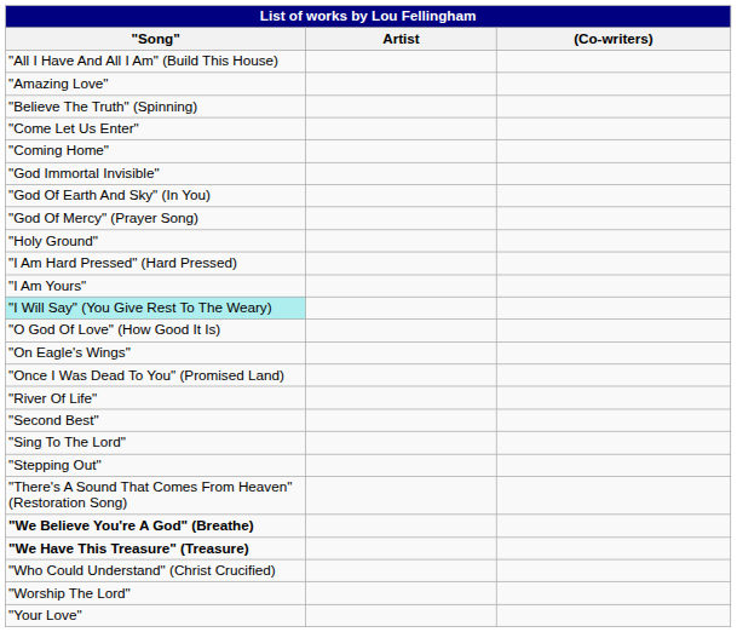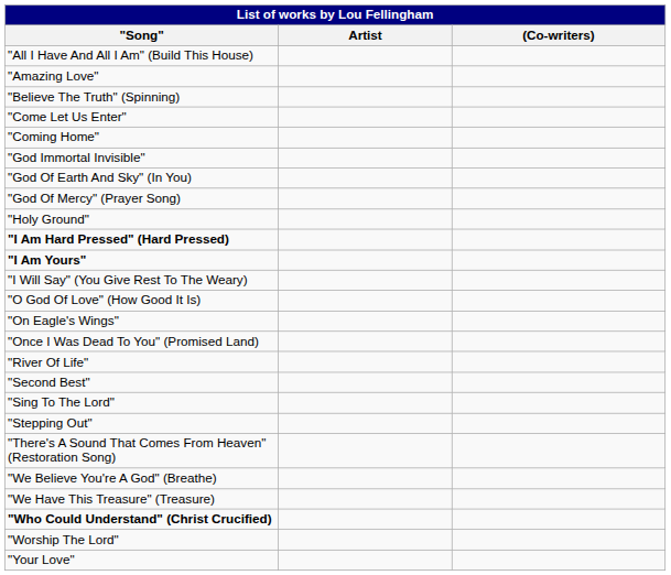 <table class="wikitable">
 <tr>
 <th colspan=3 style="background:navy; color: white">List of works by Lou Fellingham</th>
 </tr>
 <tr style="background:#ccc; text-align:center;">
 <th style="width:333px;">"Song"</th>
 <th style="width:208px;">Artist</th>
 <th style="width:258px;">(Co-writers)</th>
 </tr>
 <tr>
 <td>"All I Have And All I Am" (Build This House)</td>
 <td></td>
 <td></td>
 </tr>
 <tr>
 <td>"Amazing Love"</td>
 <td></td>
 <td></td>
 </tr>
 <tr>
 <td>"Believe The Truth" (Spinning)</td>
 <td></td>
 <td></td>
 </tr>
 <tr>
 <td>"Come Let Us Enter"</td>
 <td></td>
 <td></td>
 </tr>
 <tr>
 <td>"Coming Home"</td>
 <td></td>
 <td></td>
 </tr>
 <tr>
 <td>"God Immortal Invisible"</td>
 <td></td>
 <td></td>
 </tr>
 <tr>
 <td>"God Of Earth And Sky" (In You)</td>
 <td></td>
 <td></td>
 </tr>
 <tr>
 <td>"God Of Mercy" (Prayer Song)</td>
 <td></td>
 <td></td>
 </tr>
 <tr>
 <td>"Holy Ground"</td>
 <td></td>
 <td></td>
 </tr>
 <tr>
-<td>"I Am Hard Pressed" (Hard Pressed)</td>
+<td><strong>"I Am Hard Pressed" (Hard Pressed)</strong></td>
 <td></td>
 <td></td>
 </tr>
 <tr>
-<td>"I Am Yours"</td>
+<td><strong>"I Am Yours"</strong></td>
 <td></td>
 <td></td>
 </tr>
 <tr>
-<td style="background: paleturquoise;">"I Will Say" (You Give Rest To The Weary)</td>
+<td>"I Will Say" (You Give Rest To The Weary)</td>
 <td></td>
 <td></td>
 </tr>
 <tr>
 <td>"O God Of Love" (How Good It Is)</td>
 <td></td>
 <td></td>
 </tr>
 <tr>
 <td>"On Eagle's Wings"</td>
 <td></td>
 <td></td>
 </tr>
 <tr>
 <td>"Once I Was Dead To You" (Promised Land)</td>
 <td></td>
 <td></td>
 </tr>
 <tr>
 <td>"River Of Life"</td>
 <td></td>
 <td></td>
 </tr>
 <tr>
 <td>"Second Best"</td>
 <td></td>
 <td></td>
 </tr>
 <tr>
 <td>"Sing To The Lord"</td>
 <td></td>
 <td></td>
 </tr>
 <tr>
 <td>"Stepping Out"</td>
 <td></td>
 <td></td>
 </tr>
 <tr>
 <td>"There's A Sound That Comes From Heaven" (Restoration Song)</td>
 <td></td>
 <td></td>
 </tr>
 <tr>
-<td><strong>"We Believe You're A God" (Breathe)</strong></td>
+<td>"We Believe You're A God" (Breathe)</td>
 <td></td>
 <td></td>
 </tr>
 <tr>
-<td><strong>"We Have This Treasure" (Treasure)</strong></td>
+<td>"We Have This Treasure" (Treasure)</td>
 <td></td>
 <td></td>
 </tr>
 <tr>
-<td>"Who Could Understand" (Christ Crucified)</td>
+<td><strong>"Who Could Understand" (Christ Crucified)</strong></td>
 <td></td>
 <td></td>
 </tr>
 <tr>
 <td>"Worship The Lord"</td>
 <td></td>
 <td></td>
 </tr>
 <tr>
 <td>"Your Love"</td>
 <td></td>
 <td></td>
 </tr>
 </table>
